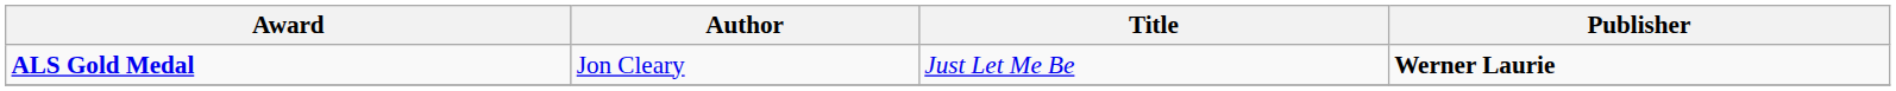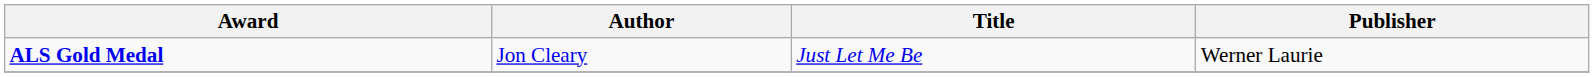 <table class="wikitable" width=95%>
 <tr>
 <th>Award</th>
 <th>Author</th>
 <th>Title</th>
 <th>Publisher</th>
 </tr>
 <tr>
 <td><strong><a href='#'>ALS Gold Medal</a></strong></td>
 <td><a href='#'>Jon Cleary</a></td>
 <td><em><a href='#'>Just Let Me Be</a></em></td>
-<td><strong>Werner Laurie</strong></td>
+<td>Werner Laurie</td>
 </tr>
 <tr>
 </tr>
 </table>
